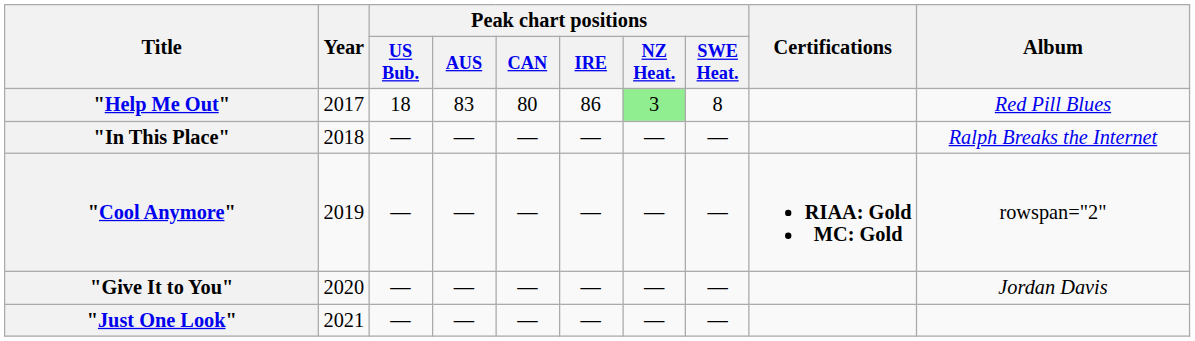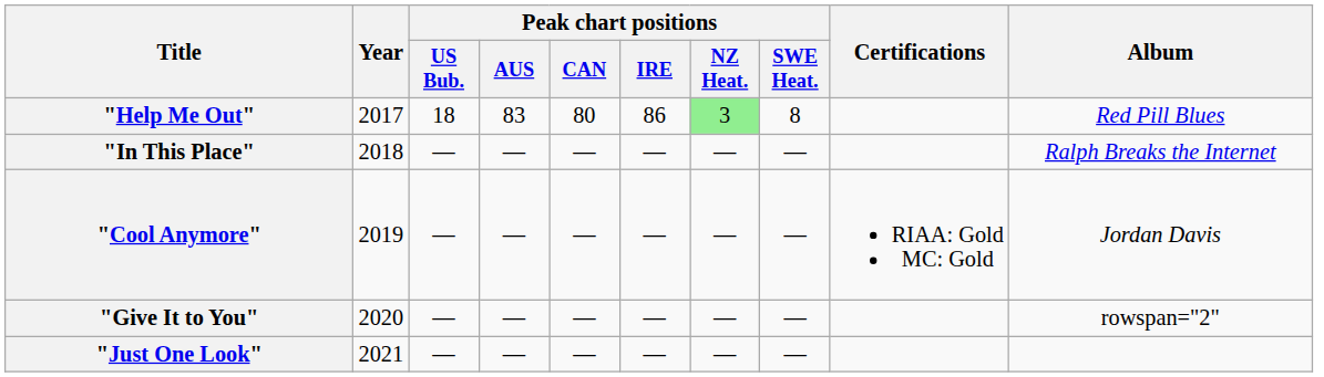 <table class="wikitable plainrowheaders" style="text-align:center;" border="1">
 <tr>
 <th scope="col" rowspan="2" style="width:15em;">Title</th>
 <th scope="col" rowspan="2" style="width:1em;">Year</th>
 <th scope="col" colspan="6">Peak chart positions</th>
 <th rowspan="2">Certifications</th>
 <th rowspan="2" scope="col" style="width:13em;">Album</th>
 </tr>
 <tr>
 <th scope="col" style="width:3em;font-size:90%;"><a href='#'>US<br>Bub.</a><br></th>
 <th scope="col" style="width:3em;font-size:90%;"><a href='#'>AUS</a><br></th>
 <th scope="col" style="width:3em;font-size:90%;"><a href='#'>CAN</a><br></th>
 <th scope="col" style="width:3em;font-size:90%;"><a href='#'>IRE</a><br></th>
 <th scope="col" style="width:3em;font-size:90%;"><a href='#'>NZ<br>Heat.</a><br></th>
 <th scope="col" style="width:3em;font-size:90%;"><a href='#'>SWE<br>Heat.</a><br></th>
 </tr>
 <tr>
 <th scope="row">"<a href='#'>Help Me Out</a>"<br></th>
 <td>2017</td>
 <td>18</td>
 <td>83</td>
 <td>80</td>
 <td>86</td>
 <td style="background: lightgreen;">3</td>
 <td>8</td>
 <td></td>
 <td><em><a href='#'>Red Pill Blues</a></em></td>
 </tr>
 <tr>
 <th scope="row">"In This Place"</th>
 <td>2018</td>
 <td>—</td>
 <td>—</td>
 <td>—</td>
 <td>—</td>
 <td>—</td>
 <td>—</td>
 <td></td>
 <td><em><a href='#'>Ralph Breaks the Internet</a></em></td>
 </tr>
 <tr>
 <th scope="row">"<a href='#'>Cool Anymore</a>"<br></th>
 <td>2019</td>
 <td>—</td>
 <td>—</td>
 <td>—</td>
 <td>—</td>
 <td>—</td>
 <td>—</td>
-<td><strong><br><ul><li>RIAA: Gold</li><li>MC: Gold</li></ul></strong></td>
-<td>rowspan="2" </td>
+<td><br><ul><li>RIAA: Gold</li><li>MC: Gold</li></ul></td>
+<td><em>Jordan Davis</em></td>
 </tr>
 <tr>
 <th scope="row">"Give It to You"</th>
 <td>2020</td>
 <td>—</td>
 <td>—</td>
 <td>—</td>
 <td>—</td>
 <td>—</td>
 <td>—</td>
 <td></td>
-<td><em>Jordan Davis</em></td>
+<td>rowspan="2" </td>
 </tr>
 <tr>
 <th scope="row">"<a href='#'>Just One Look</a>"</th>
 <td>2021</td>
 <td>—</td>
 <td>—</td>
 <td>—</td>
 <td>—</td>
 <td>—</td>
 <td>—</td>
 <td></td>
 </tr>
 </table>
